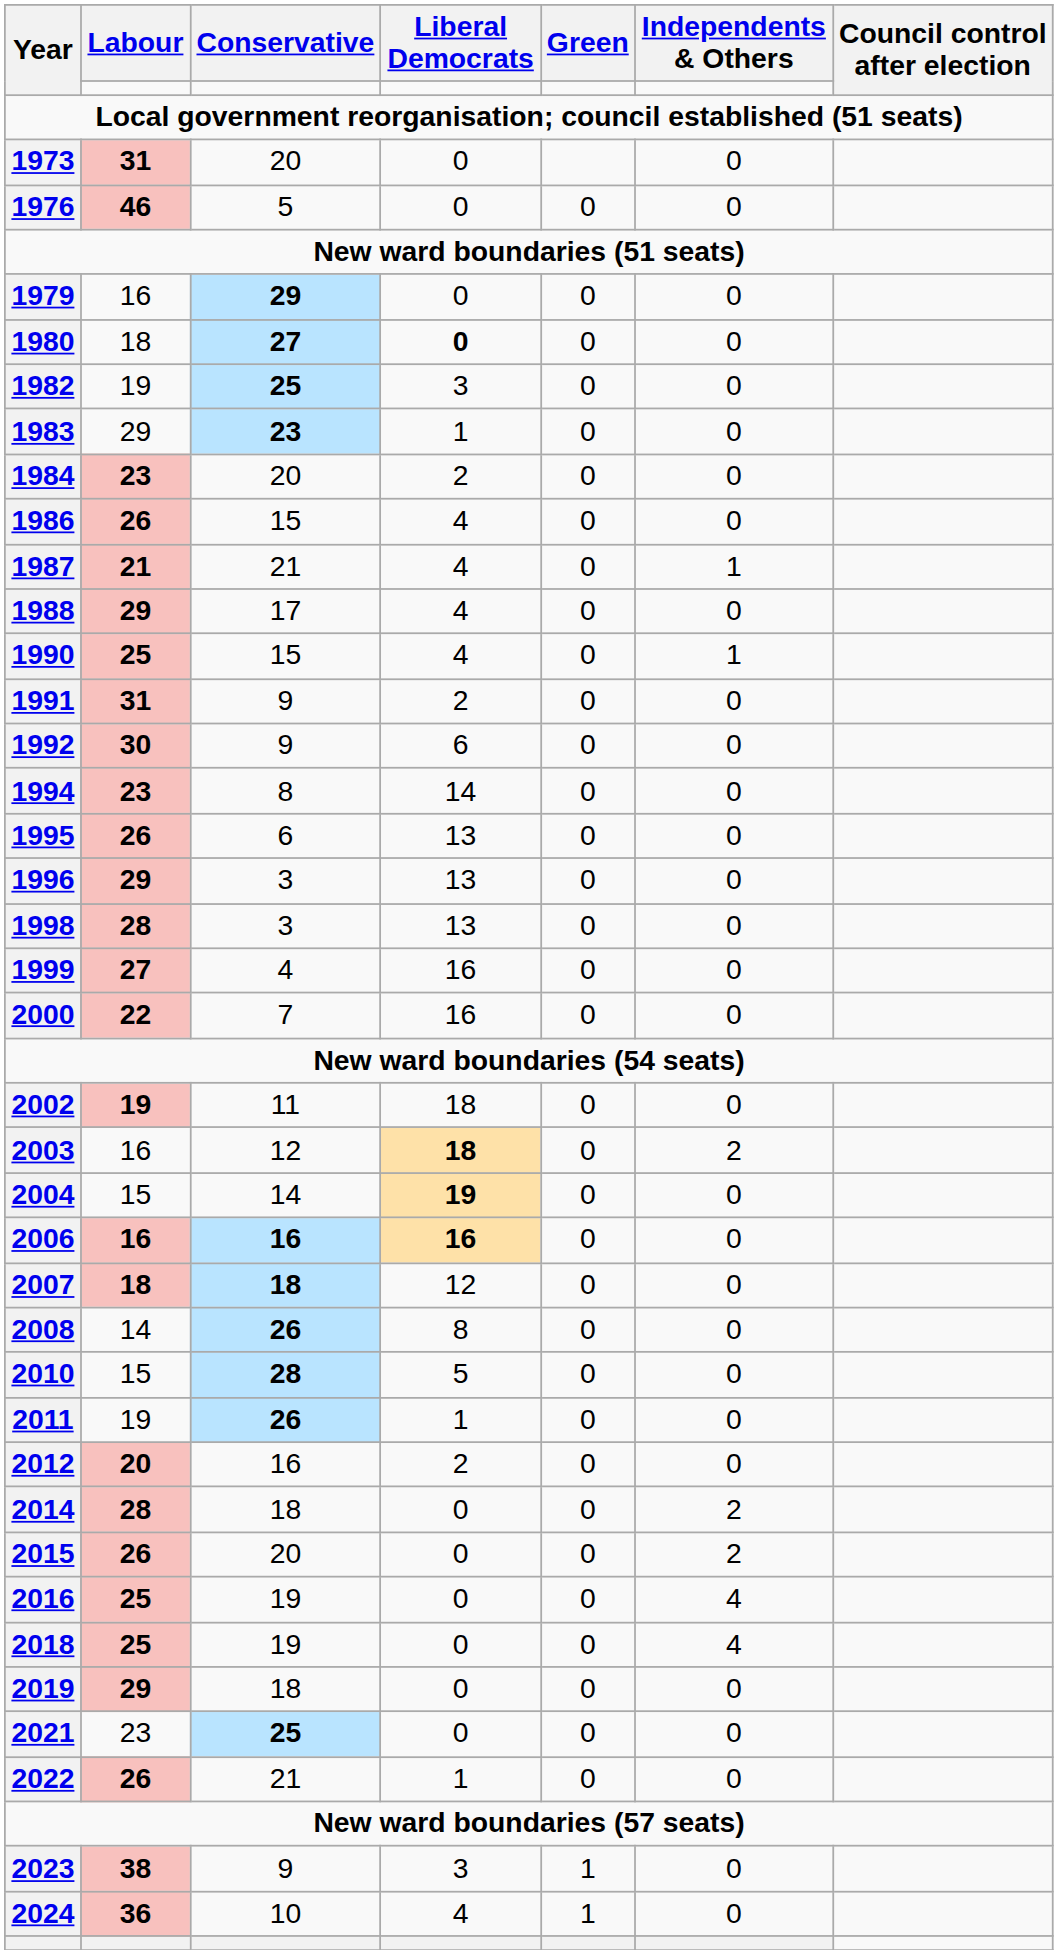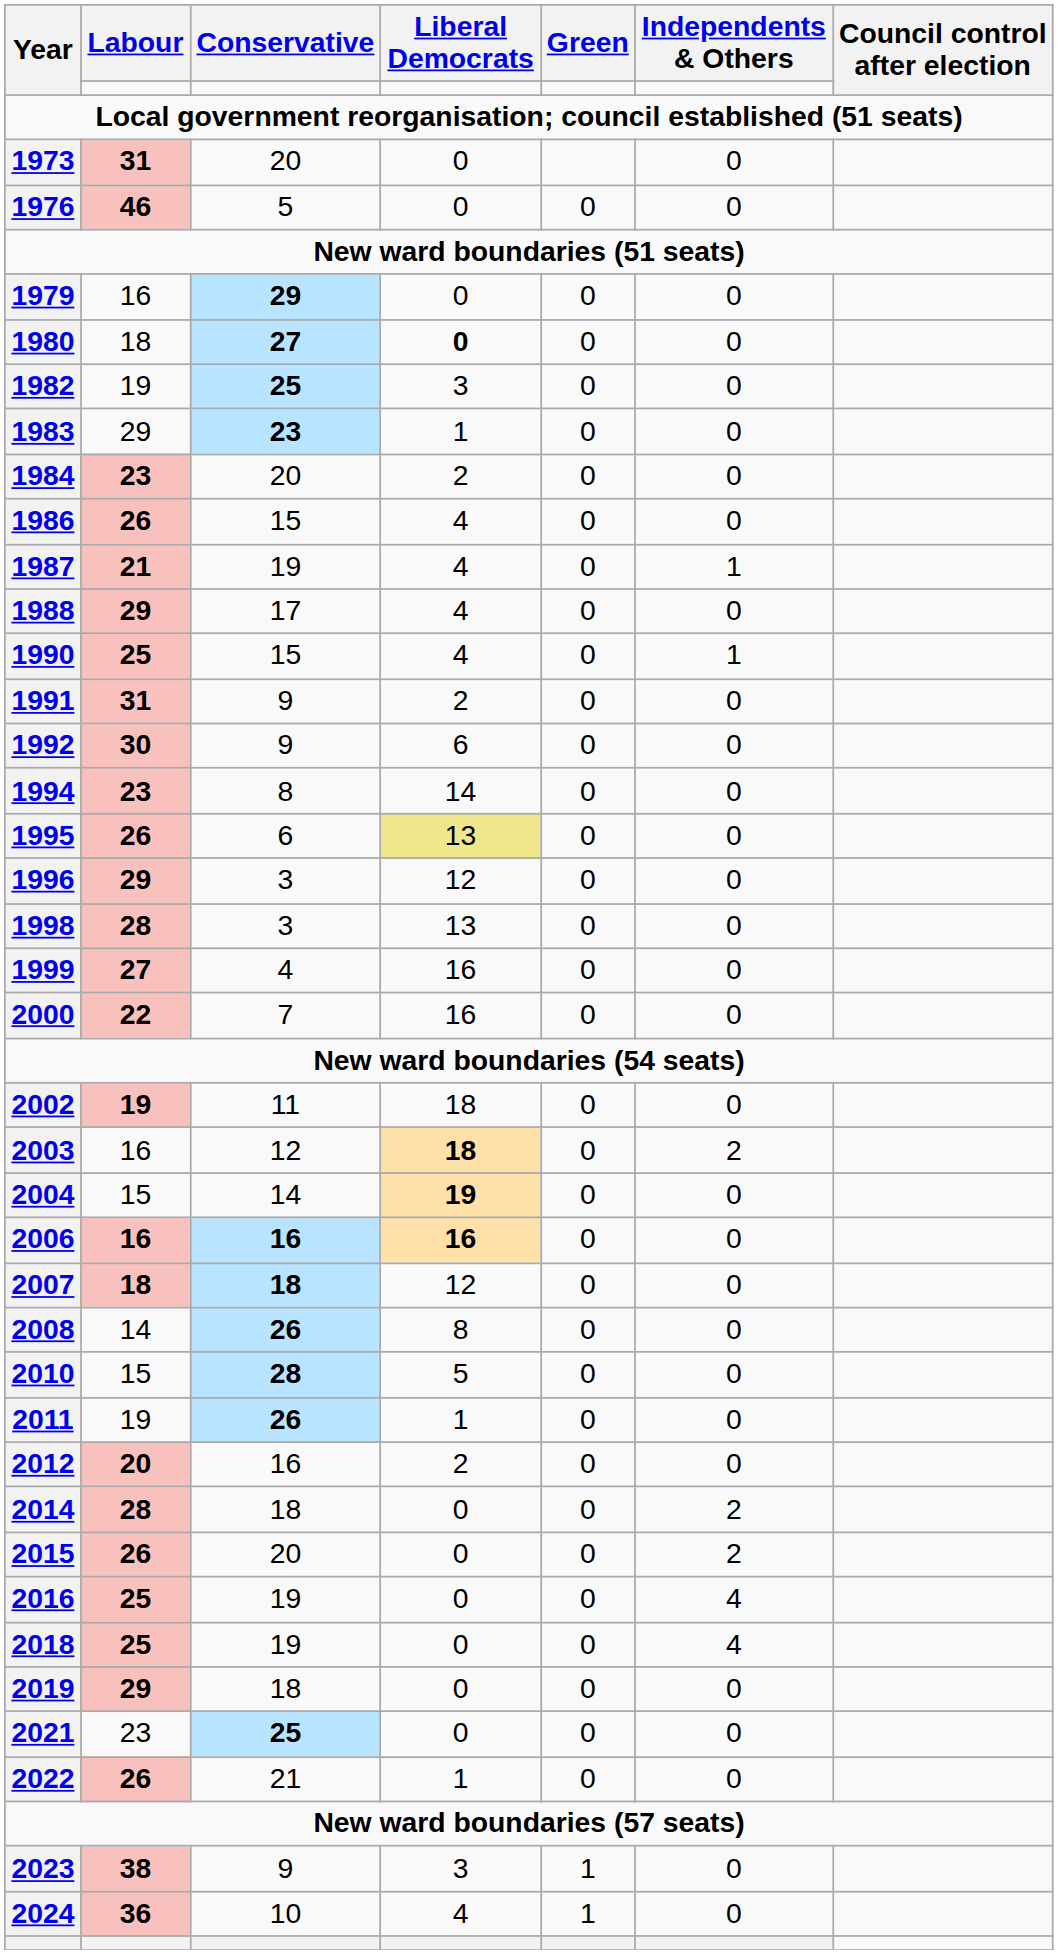 <table class="wikitable plainrowheaders" style="text-align:center">
 <tr>
 <th scope="col" rowspan="2">Year</th>
 <th scope="col"><a href='#'>Labour</a></th>
 <th scope="col"><a href='#'>Conservative</a></th>
 <th scope="col" style="width:1px"><a href='#'>Liberal Democrats</a></th>
 <th scope="col"><a href='#'>Green</a></th>
 <th scope="col"><a href='#'>Independents</a><br>& Others</th>
 <th scope="col" rowspan="2" colspan="2">Council control<br>after election</th>
 </tr>
 <tr>
 <td style="background:"></td>
 <td style="background:"></td>
 <td style="background:"></td>
 <td style="background:"></td>
 <td style="background:"></td>
 </tr>
 <tr>
 <td colspan="9"><strong>Local government reorganisation; council established (51 seats)</strong></td>
 </tr>
 <tr>
 <th scope="row"><a href='#'>1973</a></th>
 <td style="background:#F8C1BE;"><strong>31</strong></td>
 <td>20</td>
 <td>0</td>
 <td></td>
 <td>0</td>
 <td></td>
 </tr>
 <tr>
 <th scope="row"><a href='#'>1976</a></th>
 <td style="background:#F8C1BE;"><strong>46</strong></td>
 <td>5</td>
 <td>0</td>
 <td>0</td>
 <td>0</td>
 <td></td>
 </tr>
 <tr>
 <td colspan="9"><strong>New ward boundaries (51 seats)</strong></td>
 </tr>
 <tr>
 <th scope="row"><a href='#'>1979</a></th>
 <td>16</td>
 <td style="background:#B9E4FF;"><strong>29</strong></td>
 <td>0</td>
 <td>0</td>
 <td>0</td>
 <td></td>
 </tr>
 <tr>
 <th scope="row"><a href='#'>1980</a></th>
 <td>18</td>
 <td style="background:#B9E4FF;"><strong>27</strong></td>
 <td><strong>0</strong></td>
 <td>0</td>
 <td>0</td>
 <td></td>
 </tr>
 <tr>
 <th scope="row"><a href='#'>1982</a></th>
 <td>19</td>
 <td style="background:#B9E4FF;"><strong>25</strong></td>
 <td>3</td>
 <td>0</td>
 <td>0</td>
 <td></td>
 </tr>
 <tr>
 <th scope="row"><a href='#'>1983</a></th>
 <td>29</td>
 <td style="background:#B9E4FF;"><strong>23</strong></td>
 <td>1</td>
 <td>0</td>
 <td>0</td>
 <td></td>
 </tr>
 <tr>
 <th scope="row"><a href='#'>1984</a></th>
 <td style="background:#F8C1BE;"><strong>23</strong></td>
 <td>20</td>
 <td>2</td>
 <td>0</td>
 <td>0</td>
 <td></td>
 </tr>
 <tr>
 <th scope="row"><a href='#'>1986</a></th>
 <td style="background:#F8C1BE;"><strong>26</strong></td>
 <td>15</td>
 <td>4</td>
 <td>0</td>
 <td>0</td>
 <td></td>
 </tr>
 <tr>
 <th scope="row"><a href='#'>1987</a></th>
 <td style="background:#F8C1BE;"><strong>21</strong></td>
-<td>21</td>
+<td>19</td>
 <td>4</td>
 <td>0</td>
 <td>1</td>
 <td></td>
 </tr>
 <tr>
 <th scope="row"><a href='#'>1988</a></th>
 <td style="background:#F8C1BE;"><strong>29</strong></td>
 <td>17</td>
 <td>4</td>
 <td>0</td>
 <td>0</td>
 <td></td>
 </tr>
 <tr>
 <th scope="row"><a href='#'>1990</a></th>
 <td style="background:#F8C1BE;"><strong>25</strong></td>
 <td>15</td>
 <td>4</td>
 <td>0</td>
 <td>1</td>
 <td></td>
 </tr>
 <tr>
 <th scope="row"><a href='#'>1991</a></th>
 <td style="background:#F8C1BE;"><strong>31</strong></td>
 <td>9</td>
 <td>2</td>
 <td>0</td>
 <td>0</td>
 <td></td>
 </tr>
 <tr>
 <th scope="row"><a href='#'>1992</a></th>
 <td style="background:#F8C1BE;"><strong>30</strong></td>
 <td>9</td>
 <td>6</td>
 <td>0</td>
 <td>0</td>
 <td></td>
 </tr>
 <tr>
 <th scope="row"><a href='#'>1994</a></th>
 <td style="background:#F8C1BE;"><strong>23</strong></td>
 <td>8</td>
 <td>14</td>
 <td>0</td>
 <td>0</td>
 <td></td>
 </tr>
 <tr>
 <th scope="row"><a href='#'>1995</a></th>
 <td style="background:#F8C1BE;"><strong>26</strong></td>
 <td>6</td>
-<td>13</td>
+<td style="background: khaki;">13</td>
 <td>0</td>
 <td>0</td>
 <td></td>
 </tr>
 <tr>
 <th scope="row"><a href='#'>1996</a></th>
 <td style="background:#F8C1BE;"><strong>29</strong></td>
 <td>3</td>
-<td>13</td>
+<td>12</td>
 <td>0</td>
 <td>0</td>
 <td></td>
 </tr>
 <tr>
 <th scope="row"><a href='#'>1998</a></th>
 <td style="background:#F8C1BE;"><strong>28</strong></td>
 <td>3</td>
 <td>13</td>
 <td>0</td>
 <td>0</td>
 <td></td>
 </tr>
 <tr>
 <th scope="row"><a href='#'>1999</a></th>
 <td style="background:#F8C1BE;"><strong>27</strong></td>
 <td>4</td>
 <td>16</td>
 <td>0</td>
 <td>0</td>
 <td></td>
 </tr>
 <tr>
 <th scope="row"><a href='#'>2000</a></th>
 <td style="background:#F8C1BE;"><strong>22</strong></td>
 <td>7</td>
 <td>16</td>
 <td>0</td>
 <td>0</td>
 <td></td>
 </tr>
 <tr>
 <td colspan="9"><strong>New ward boundaries (54 seats)</strong></td>
 </tr>
 <tr>
 <th scope="row"><a href='#'>2002</a></th>
 <td style="background:#F8C1BE;"><strong>19</strong></td>
 <td>11</td>
 <td>18</td>
 <td>0</td>
 <td>0</td>
 <td></td>
 </tr>
 <tr>
 <th scope="row"><a href='#'>2003</a></th>
 <td>16</td>
 <td>12</td>
 <td style="background:#FEE1A8"><strong>18</strong></td>
 <td>0</td>
 <td>2</td>
 <td></td>
 </tr>
 <tr>
 <th scope="row"><a href='#'>2004</a></th>
 <td>15</td>
 <td>14</td>
 <td style="background:#FEE1A8"><strong>19</strong></td>
 <td>0</td>
 <td>0</td>
 <td></td>
 </tr>
 <tr>
 <th scope="row"><a href='#'>2006</a></th>
 <td style="background:#F8C1BE;"><strong>16</strong></td>
 <td style="background:#B9E4FF;"><strong>16</strong></td>
 <td style="background:#FEE1A8"><strong>16</strong></td>
 <td>0</td>
 <td>0</td>
 <td></td>
 </tr>
 <tr>
 <th scope="row"><a href='#'>2007</a></th>
 <td style="background:#F8C1BE;"><strong>18</strong></td>
 <td style="background:#B9E4FF;"><strong>18</strong></td>
 <td>12</td>
 <td>0</td>
 <td>0</td>
 <td></td>
 </tr>
 <tr>
 <th scope="row"><a href='#'>2008</a></th>
 <td>14</td>
 <td style="background:#B9E4FF;"><strong>26</strong></td>
 <td>8</td>
 <td>0</td>
 <td>0</td>
 <td></td>
 </tr>
 <tr>
 <th scope="row"><a href='#'>2010</a></th>
 <td>15</td>
 <td style="background:#B9E4FF;"><strong>28</strong></td>
 <td>5</td>
 <td>0</td>
 <td>0</td>
 <td></td>
 </tr>
 <tr>
 <th scope="row"><a href='#'>2011</a></th>
 <td>19</td>
 <td style="background:#B9E4FF;"><strong>26</strong></td>
 <td>1</td>
 <td>0</td>
 <td>0</td>
 <td></td>
 </tr>
 <tr>
 <th scope="row"><a href='#'>2012</a></th>
 <td style="background:#F8C1BE;"><strong>20</strong></td>
 <td>16</td>
 <td>2</td>
 <td>0</td>
 <td>0</td>
 <td></td>
 </tr>
 <tr>
 <th scope="row"><a href='#'>2014</a></th>
 <td style="background:#F8C1BE;"><strong>28</strong></td>
 <td>18</td>
 <td>0</td>
 <td>0</td>
 <td>2</td>
 <td></td>
 </tr>
 <tr>
 <th scope="row"><a href='#'>2015</a></th>
 <td style="background:#F8C1BE;"><strong>26</strong></td>
 <td>20</td>
 <td>0</td>
 <td>0</td>
 <td>2</td>
 <td></td>
 </tr>
 <tr>
 <th scope="row"><a href='#'>2016</a></th>
 <td style="background:#F8C1BE;"><strong>25</strong></td>
 <td>19</td>
 <td>0</td>
 <td>0</td>
 <td>4</td>
 <td></td>
 </tr>
 <tr>
 <th scope="row"><a href='#'>2018</a></th>
 <td style="background:#F8C1BE;"><strong>25</strong></td>
 <td>19</td>
 <td>0</td>
 <td>0</td>
 <td>4</td>
 <td></td>
 </tr>
 <tr>
 <th scope="row"><a href='#'>2019</a></th>
 <td style="background:#F8C1BE;"><strong>29</strong></td>
 <td>18</td>
 <td>0</td>
 <td>0</td>
 <td>0</td>
 <td></td>
 </tr>
 <tr>
 <th scope="row"><a href='#'>2021</a></th>
 <td>23</td>
 <td style="background:#B9E4FF;"><strong>25</strong></td>
 <td>0</td>
 <td>0</td>
 <td>0</td>
 <td></td>
 </tr>
 <tr>
 <th scope="row"><a href='#'>2022</a></th>
 <td style="background:#F8C1BE;"><strong>26</strong></td>
 <td>21</td>
 <td>1</td>
 <td>0</td>
 <td>0</td>
 <td></td>
 </tr>
 <tr>
 <td colspan="9"><strong>New ward boundaries (57 seats)</strong></td>
 </tr>
 <tr>
 <th scope="row"><a href='#'>2023</a></th>
 <td style="background:#F8C1BE;"><strong>38</strong></td>
 <td>9</td>
 <td>3</td>
 <td>1</td>
 <td>0</td>
 <td></td>
 </tr>
 <tr>
 <th scope="row"><a href='#'>2024</a></th>
 <td style="background:#F8C1BE;"><strong>36</strong></td>
 <td>10</td>
 <td>4</td>
 <td>1</td>
 <td>0</td>
 <td></td>
 </tr>
 <tr>
 <th></th>
 <th style="background-color: "></th>
 <th style="background-color: "></th>
 <th style="background-color: "></th>
 <th style="background-color: "></th>
 <th style="background-color: "></th>
 </tr>
 </table>
